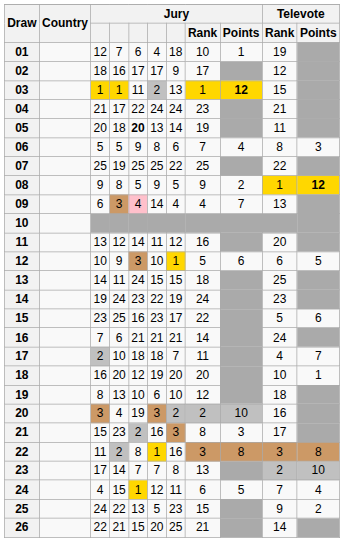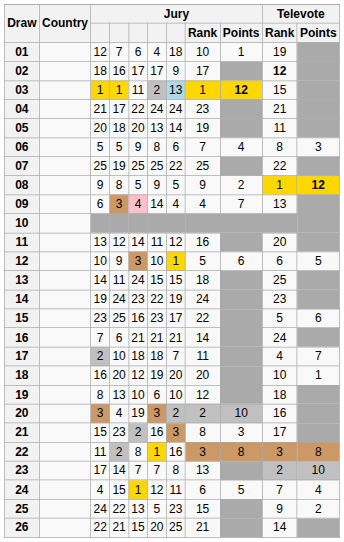 <table class="sortable wikitable collapsible plainrowheaders" style="text-align:center;">
 <tr>
 </tr>
 <tr>
 <th scope="col" rowspan="2">Draw</th>
 <th scope="col" rowspan="2">Country</th>
 <th scope="col" colspan="7">Jury</th>
 <th scope="col" colspan="2">Televote</th>
 </tr>
 <tr>
 <th scope="col"><small></small></th>
 <th scope="col"><small></small></th>
 <th scope="col"><small></small></th>
 <th scope="col"><small></small></th>
 <th scope="col"><small></small></th>
 <th scope="col">Rank</th>
 <th scope="col">Points</th>
 <th scope="col">Rank</th>
 <th scope="col">Points</th>
 </tr>
 <tr>
 <th scope="row" style="text-align:center;">01</th>
 <td style="text-align:left;"></td>
 <td>12</td>
 <td>7</td>
 <td>6</td>
 <td>4</td>
 <td>18</td>
 <td>10</td>
 <td>1</td>
 <td>19</td>
 <td style="background:#AAAAAA;"></td>
 </tr>
 <tr>
 <th scope="row" style="text-align:center;">02</th>
 <td style="text-align:left;"></td>
 <td>18</td>
 <td>16</td>
 <td>17</td>
 <td>17</td>
 <td>9</td>
 <td>17</td>
 <td style="background:#AAAAAA;"></td>
-<td>12</td>
+<td><strong>12</strong></td>
 <td style="background:#AAAAAA;"></td>
 </tr>
 <tr>
 <th scope="row" style="text-align:center;">03</th>
 <td style="text-align:left;"></td>
 <td style="background:gold;">1</td>
 <td style="background:gold;">1</td>
 <td>11</td>
 <td style="background:silver;">2</td>
-<td>13</td>
+<td style="background: lightblue;">13</td>
 <td style="background:gold;">1</td>
 <td style="background:gold;"><strong>12</strong></td>
 <td>15</td>
 <td style="background:#AAAAAA;"></td>
 </tr>
 <tr>
 <th scope="row" style="text-align:center;">04</th>
 <td style="text-align:left;"></td>
 <td>21</td>
 <td>17</td>
 <td>22</td>
 <td>24</td>
 <td>24</td>
 <td>23</td>
 <td style="background:#AAAAAA;"></td>
 <td>21</td>
 <td style="background:#AAAAAA;"></td>
 </tr>
 <tr>
 <th scope="row" style="text-align:center;">05</th>
 <td style="text-align:left;"></td>
 <td>20</td>
 <td>18</td>
-<td><strong>20</strong></td>
+<td>20</td>
 <td>13</td>
 <td>14</td>
 <td>19</td>
 <td style="background:#AAAAAA;"></td>
 <td>11</td>
 <td style="background:#AAAAAA;"></td>
 </tr>
 <tr>
 <th scope="row" style="text-align:center;">06</th>
 <td style="text-align:left;"></td>
 <td>5</td>
 <td>5</td>
 <td>9</td>
 <td>8</td>
 <td>6</td>
 <td>7</td>
 <td>4</td>
 <td>8</td>
 <td>3</td>
 </tr>
 <tr>
 <th scope="row" style="text-align:center;">07</th>
 <td style="text-align:left;"></td>
 <td>25</td>
 <td>19</td>
 <td>25</td>
 <td>25</td>
 <td>22</td>
 <td>25</td>
 <td style="background:#AAAAAA;"></td>
 <td>22</td>
 <td style="background:#AAAAAA;"></td>
 </tr>
 <tr>
 <th scope="row" style="text-align:center;">08</th>
 <td style="text-align:left;"></td>
 <td>9</td>
 <td>8</td>
 <td>5</td>
 <td>9</td>
 <td>5</td>
 <td>9</td>
 <td>2</td>
 <td style="background:gold;">1</td>
 <td style="background:gold;"><strong>12</strong></td>
 </tr>
 <tr>
 <th scope="row" style="text-align:center;">09</th>
 <td style="text-align:left;"></td>
 <td>6</td>
 <td style="background:#CC9966;">3</td>
 <td style="background: pink;">4</td>
 <td>14</td>
 <td>4</td>
 <td>4</td>
 <td>7</td>
 <td>13</td>
 <td style="background:#AAAAAA;"></td>
 </tr>
 <tr class="sortbottom">
 <th scope="row" style="text-align:center;">10</th>
 <td style="text-align:left;"></td>
 <td style="background:#AAAAAA;"></td>
 <td style="background:#AAAAAA;"></td>
 <td style="background:#AAAAAA;"></td>
 <td style="background:#AAAAAA;"></td>
 <td style="background:#AAAAAA;"></td>
 <td style="background:#AAAAAA;"></td>
 <td style="background:#AAAAAA;"></td>
 <td style="background:#AAAAAA;"></td>
 <td style="background:#AAAAAA;"></td>
 </tr>
 <tr>
 <th scope="row" style="text-align:center;">11</th>
 <td style="text-align:left;"></td>
 <td>13</td>
 <td>12</td>
 <td>14</td>
 <td>11</td>
 <td>12</td>
 <td>16</td>
 <td style="background:#AAAAAA;"></td>
 <td>20</td>
 <td style="background:#AAAAAA;"></td>
 </tr>
 <tr>
 <th scope="row" style="text-align:center;">12</th>
 <td style="text-align:left;"></td>
 <td>10</td>
 <td>9</td>
 <td style="background:#CC9966;">3</td>
 <td>10</td>
 <td style="background:gold;">1</td>
 <td>5</td>
 <td>6</td>
 <td>6</td>
 <td>5</td>
 </tr>
 <tr>
 <th scope="row" style="text-align:center;">13</th>
 <td style="text-align:left;"></td>
 <td>14</td>
 <td>11</td>
 <td>24</td>
 <td>15</td>
 <td>15</td>
 <td>18</td>
 <td style="background:#AAAAAA;"></td>
 <td>25</td>
 <td style="background:#AAAAAA;"></td>
 </tr>
 <tr>
 <th scope="row" style="text-align:center;">14</th>
 <td style="text-align:left;"></td>
 <td>19</td>
 <td>24</td>
 <td>23</td>
 <td>22</td>
 <td>19</td>
 <td>24</td>
 <td style="background:#AAAAAA;"></td>
 <td>23</td>
 <td style="background:#AAAAAA;"></td>
 </tr>
 <tr>
 <th scope="row" style="text-align:center;">15</th>
 <td style="text-align:left;"></td>
 <td>23</td>
 <td>25</td>
 <td>16</td>
 <td>23</td>
 <td>17</td>
 <td>22</td>
 <td style="background:#AAAAAA;"></td>
 <td>5</td>
 <td>6</td>
 </tr>
 <tr>
 <th scope="row" style="text-align:center;">16</th>
 <td style="text-align:left;"></td>
 <td>7</td>
 <td>6</td>
 <td>21</td>
 <td>21</td>
 <td>21</td>
 <td>14</td>
 <td style="background:#AAAAAA;"></td>
 <td>24</td>
 <td style="background:#AAAAAA;"></td>
 </tr>
 <tr>
 <th scope="row" style="text-align:center;">17</th>
 <td style="text-align:left;"></td>
 <td style="background:silver;">2</td>
 <td>10</td>
 <td>18</td>
 <td>18</td>
 <td>7</td>
 <td>11</td>
 <td style="background:#AAAAAA;"></td>
 <td>4</td>
 <td>7</td>
 </tr>
 <tr>
 <th scope="row" style="text-align:center;">18</th>
 <td style="text-align:left;"></td>
 <td>16</td>
 <td>20</td>
 <td>12</td>
 <td>19</td>
 <td>20</td>
 <td>20</td>
 <td style="background:#AAAAAA;"></td>
 <td>10</td>
 <td>1</td>
 </tr>
 <tr>
 <th scope="row" style="text-align:center;">19</th>
 <td style="text-align:left;"></td>
 <td>8</td>
 <td>13</td>
 <td>10</td>
 <td>6</td>
 <td>10</td>
 <td>12</td>
 <td style="background:#AAAAAA;"></td>
 <td>18</td>
 <td style="background:#AAAAAA;"></td>
 </tr>
 <tr>
 <th scope="row" style="text-align:center;">20</th>
 <td style="text-align:left;"></td>
 <td style="background:#CC9966;">3</td>
 <td>4</td>
 <td>19</td>
 <td style="background:#CC9966;">3</td>
 <td style="background:silver;">2</td>
 <td style="background:silver;">2</td>
 <td style="background:silver;">10</td>
 <td>16</td>
 <td style="background:#AAAAAA;"></td>
 </tr>
 <tr>
 <th scope="row" style="text-align:center;">21</th>
 <td style="text-align:left;"></td>
 <td>15</td>
 <td>23</td>
 <td style="background:silver;">2</td>
 <td>16</td>
 <td style="background:#CC9966;">3</td>
 <td>8</td>
 <td>3</td>
 <td>17</td>
 <td style="background:#AAAAAA;"></td>
 </tr>
 <tr>
 <th scope="row" style="text-align:center;">22</th>
 <td style="text-align:left;"></td>
 <td>11</td>
 <td style="background:silver;">2</td>
 <td>8</td>
 <td style="background:gold;">1</td>
 <td>16</td>
 <td style="background:#CC9966;">3</td>
 <td style="background:#CC9966;">8</td>
 <td style="background:#CC9966;">3</td>
 <td style="background:#CC9966;">8</td>
 </tr>
 <tr>
 <th scope="row" style="text-align:center;">23</th>
 <td style="text-align:left;"></td>
 <td>17</td>
 <td>14</td>
 <td>7</td>
 <td>7</td>
 <td>8</td>
 <td>13</td>
 <td style="background:#AAAAAA;"></td>
 <td style="background:silver;">2</td>
 <td style="background:silver;">10</td>
 </tr>
 <tr>
 <th scope="row" style="text-align:center;">24</th>
 <td style="text-align:left;"></td>
 <td>4</td>
 <td>15</td>
 <td style="background:gold;">1</td>
 <td>12</td>
 <td>11</td>
 <td>6</td>
 <td>5</td>
 <td>7</td>
 <td>4</td>
 </tr>
 <tr>
 <th scope="row" style="text-align:center;">25</th>
 <td style="text-align:left;"></td>
 <td>24</td>
 <td>22</td>
 <td>13</td>
 <td>5</td>
 <td>23</td>
 <td>15</td>
 <td style="background:#AAAAAA;"></td>
 <td>9</td>
 <td>2</td>
 </tr>
 <tr>
 <th scope="row" style="text-align:center;">26</th>
 <td style="text-align:left;"></td>
 <td>22</td>
 <td>21</td>
 <td>15</td>
 <td>20</td>
 <td>25</td>
 <td>21</td>
 <td style="background:#AAAAAA;"></td>
 <td>14</td>
 <td style="background:#AAAAAA;"></td>
 </tr>
 </table>
